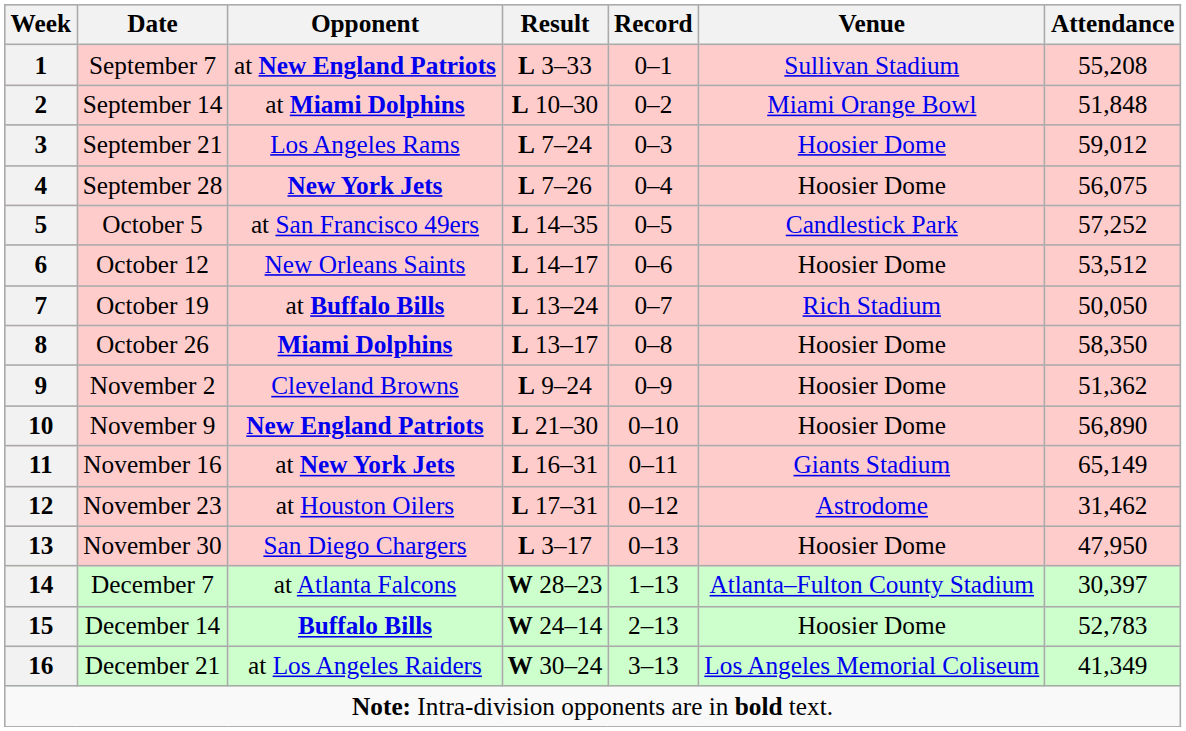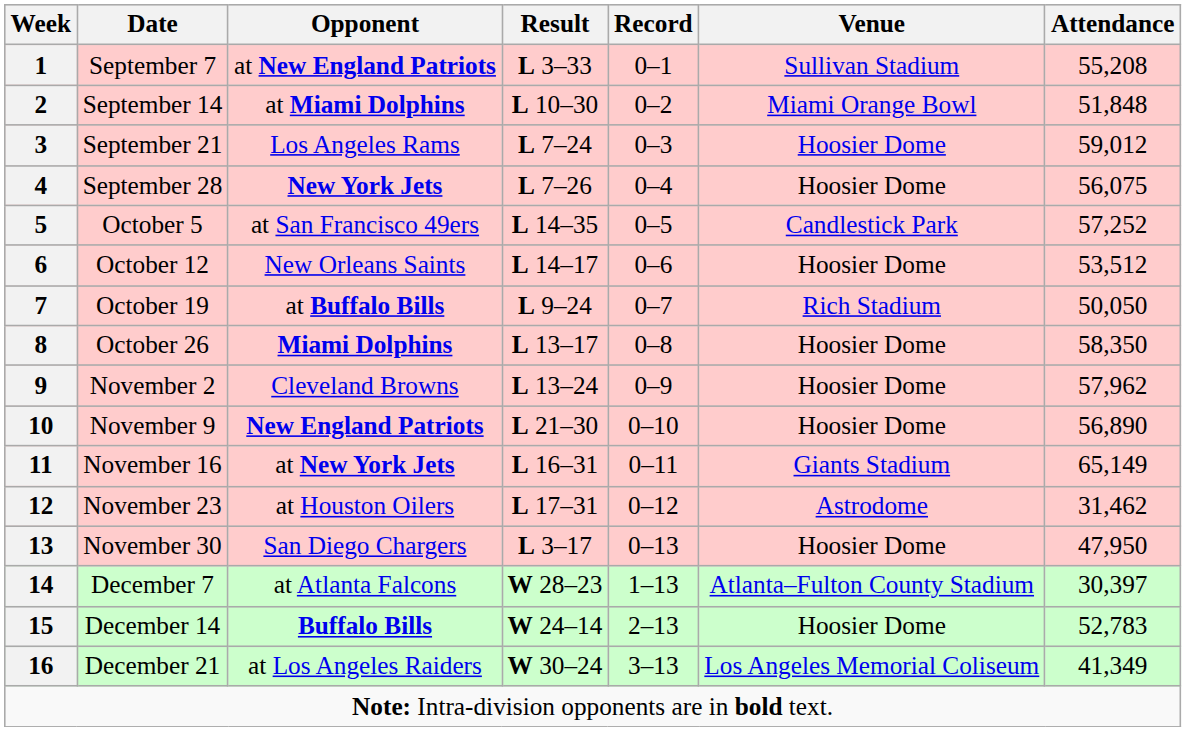 <table class="wikitable" style="text-align:center">
 <tr>
 <th>Week</th>
 <th>Date</th>
 <th>Opponent</th>
 <th>Result</th>
 <th>Record</th>
 <th>Venue</th>
 <th>Attendance</th>
 </tr>
 <tr style="background:#fcc">
 <th>1</th>
 <td>September 7</td>
 <td>at <strong><a href='#'>New England Patriots</a></strong></td>
 <td><strong>L</strong> 3–33</td>
 <td>0–1</td>
 <td><a href='#'>Sullivan Stadium</a></td>
 <td>55,208</td>
 </tr>
 <tr style="background:#fcc">
 <th>2</th>
 <td>September 14</td>
 <td>at <strong><a href='#'>Miami Dolphins</a></strong></td>
 <td><strong>L</strong> 10–30</td>
 <td>0–2</td>
 <td><a href='#'>Miami Orange Bowl</a></td>
 <td>51,848</td>
 </tr>
 <tr style="background:#fcc">
 <th>3</th>
 <td>September 21</td>
 <td><a href='#'>Los Angeles Rams</a></td>
 <td><strong>L</strong> 7–24</td>
 <td>0–3</td>
 <td><a href='#'>Hoosier Dome</a></td>
 <td>59,012</td>
 </tr>
 <tr style="background:#fcc">
 <th>4</th>
 <td>September 28</td>
 <td><strong><a href='#'>New York Jets</a></strong></td>
 <td><strong>L</strong> 7–26</td>
 <td>0–4</td>
 <td>Hoosier Dome</td>
 <td>56,075</td>
 </tr>
 <tr style="background:#fcc">
 <th>5</th>
 <td>October 5</td>
 <td>at <a href='#'>San Francisco 49ers</a></td>
 <td><strong>L</strong> 14–35</td>
 <td>0–5</td>
 <td><a href='#'>Candlestick Park</a></td>
 <td>57,252</td>
 </tr>
 <tr style="background:#fcc">
 <th>6</th>
 <td>October 12</td>
 <td><a href='#'>New Orleans Saints</a></td>
 <td><strong>L</strong> 14–17</td>
 <td>0–6</td>
 <td>Hoosier Dome</td>
 <td>53,512</td>
 </tr>
 <tr style="background:#fcc">
 <th>7</th>
 <td>October 19</td>
 <td>at <strong><a href='#'>Buffalo Bills</a></strong></td>
-<td><strong>L</strong> 13–24</td>
+<td><strong>L</strong> 9–24</td>
 <td>0–7</td>
 <td><a href='#'>Rich Stadium</a></td>
 <td>50,050</td>
 </tr>
 <tr style="background:#fcc">
 <th>8</th>
 <td>October 26</td>
 <td><strong><a href='#'>Miami Dolphins</a></strong></td>
 <td><strong>L</strong> 13–17</td>
 <td>0–8</td>
 <td>Hoosier Dome</td>
 <td>58,350</td>
 </tr>
 <tr style="background:#fcc">
 <th>9</th>
 <td>November 2</td>
 <td><a href='#'>Cleveland Browns</a></td>
-<td><strong>L</strong> 9–24</td>
+<td><strong>L</strong> 13–24</td>
 <td>0–9</td>
 <td>Hoosier Dome</td>
-<td>51,362</td>
+<td>57,962</td>
 </tr>
 <tr style="background:#fcc">
 <th>10</th>
 <td>November 9</td>
 <td><strong><a href='#'>New England Patriots</a></strong></td>
 <td><strong>L</strong> 21–30</td>
 <td>0–10</td>
 <td>Hoosier Dome</td>
 <td>56,890</td>
 </tr>
 <tr style="background:#fcc">
 <th>11</th>
 <td>November 16</td>
 <td>at <strong><a href='#'>New York Jets</a></strong></td>
 <td><strong>L</strong> 16–31</td>
 <td>0–11</td>
 <td><a href='#'>Giants Stadium</a></td>
 <td>65,149</td>
 </tr>
 <tr style="background:#fcc">
 <th>12</th>
 <td>November 23</td>
 <td>at <a href='#'>Houston Oilers</a></td>
 <td><strong>L</strong> 17–31</td>
 <td>0–12</td>
 <td><a href='#'>Astrodome</a></td>
 <td>31,462</td>
 </tr>
 <tr style="background:#fcc">
 <th>13</th>
 <td>November 30</td>
 <td><a href='#'>San Diego Chargers</a></td>
 <td><strong>L</strong> 3–17</td>
 <td>0–13</td>
 <td>Hoosier Dome</td>
 <td>47,950</td>
 </tr>
 <tr style="background:#cfc">
 <th>14</th>
 <td>December 7</td>
 <td>at <a href='#'>Atlanta Falcons</a></td>
 <td><strong>W</strong> 28–23</td>
 <td>1–13</td>
 <td><a href='#'>Atlanta–Fulton County Stadium</a></td>
 <td>30,397</td>
 </tr>
 <tr style="background:#cfc">
 <th>15</th>
 <td>December 14</td>
 <td><strong><a href='#'>Buffalo Bills</a></strong></td>
 <td><strong>W</strong> 24–14</td>
 <td>2–13</td>
 <td>Hoosier Dome</td>
 <td>52,783</td>
 </tr>
 <tr style="background:#cfc">
 <th>16</th>
 <td>December 21</td>
 <td>at <a href='#'>Los Angeles Raiders</a></td>
 <td><strong>W</strong> 30–24</td>
 <td>3–13</td>
 <td><a href='#'>Los Angeles Memorial Coliseum</a></td>
 <td>41,349</td>
 </tr>
 <tr>
 <td colspan="8"><strong>Note:</strong> Intra-division opponents are in <strong>bold</strong> text.</td>
 </tr>
 </table>
